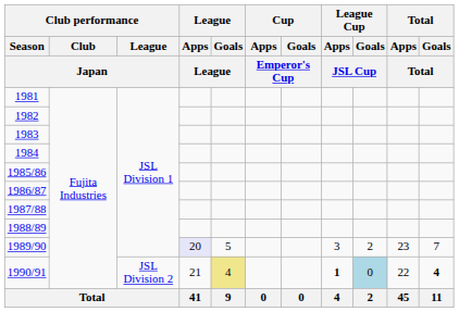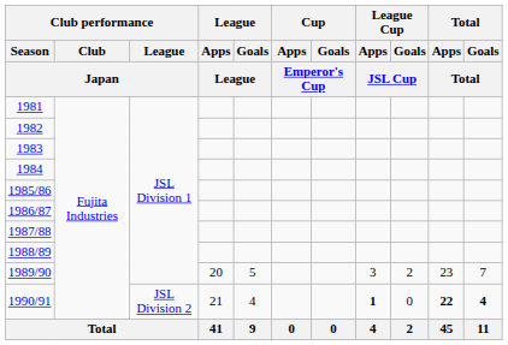 <table class="wikitable" style="text-align:center;">
 <tr>
 <th colspan=3>Club performance</th>
 <th colspan=2>League</th>
 <th colspan=2>Cup</th>
 <th colspan=2>League Cup</th>
 <th colspan=2>Total</th>
 </tr>
 <tr>
 <th>Season</th>
 <th>Club</th>
 <th>League</th>
 <th>Apps</th>
 <th>Goals</th>
 <th>Apps</th>
 <th>Goals</th>
 <th>Apps</th>
 <th>Goals</th>
 <th>Apps</th>
 <th>Goals</th>
 </tr>
 <tr>
 <th colspan=3>Japan</th>
 <th colspan=2>League</th>
 <th colspan=2><a href='#'>Emperor's Cup</a></th>
 <th colspan=2><a href='#'>JSL Cup</a></th>
 <th colspan=2>Total</th>
 </tr>
 <tr>
 <td><a href='#'>1981</a></td>
 <td rowspan="10"><a href='#'>Fujita Industries</a></td>
 <td rowspan="9"><a href='#'>JSL Division 1</a></td>
 <td></td>
 <td></td>
 <td></td>
 <td></td>
 <td></td>
 <td></td>
 <td></td>
 <td></td>
 </tr>
 <tr>
 <td><a href='#'>1982</a></td>
 <td></td>
 <td></td>
 <td></td>
 <td></td>
 <td></td>
 <td></td>
 <td></td>
 <td></td>
 </tr>
 <tr>
 <td><a href='#'>1983</a></td>
 <td></td>
 <td></td>
 <td></td>
 <td></td>
 <td></td>
 <td></td>
 <td></td>
 <td></td>
 </tr>
 <tr>
 <td><a href='#'>1984</a></td>
 <td></td>
 <td></td>
 <td></td>
 <td></td>
 <td></td>
 <td></td>
 <td></td>
 <td></td>
 </tr>
 <tr>
 <td><a href='#'>1985/86</a></td>
 <td></td>
 <td></td>
 <td></td>
 <td></td>
 <td></td>
 <td></td>
 <td></td>
 <td></td>
 </tr>
 <tr>
 <td><a href='#'>1986/87</a></td>
 <td></td>
 <td></td>
 <td></td>
 <td></td>
 <td></td>
 <td></td>
 <td></td>
 <td></td>
 </tr>
 <tr>
 <td><a href='#'>1987/88</a></td>
 <td></td>
 <td></td>
 <td></td>
 <td></td>
 <td></td>
 <td></td>
 <td></td>
 <td></td>
 </tr>
 <tr>
 <td><a href='#'>1988/89</a></td>
 <td></td>
 <td></td>
 <td></td>
 <td></td>
 <td></td>
 <td></td>
 <td></td>
 <td></td>
 </tr>
 <tr>
 <td><a href='#'>1989/90</a></td>
-<td style="background: lavender;">20</td>
+<td>20</td>
 <td>5</td>
 <td></td>
 <td></td>
 <td>3</td>
 <td>2</td>
 <td>23</td>
 <td>7</td>
 </tr>
 <tr>
 <td><a href='#'>1990/91</a></td>
 <td><a href='#'>JSL Division 2</a></td>
 <td>21</td>
-<td style="background: khaki;">4</td>
+<td>4</td>
 <td></td>
 <td></td>
 <td><strong>1</strong></td>
-<td style="background: lightblue;">0</td>
-<td>22</td>
+<td>0</td>
+<td><strong>22</strong></td>
 <td><strong>4</strong></td>
 </tr>
 <tr>
 <th colspan=3>Total</th>
 <th>41</th>
 <th>9</th>
 <th>0</th>
 <th>0</th>
 <th>4</th>
 <th>2</th>
 <th>45</th>
 <th>11</th>
 </tr>
 </table>
